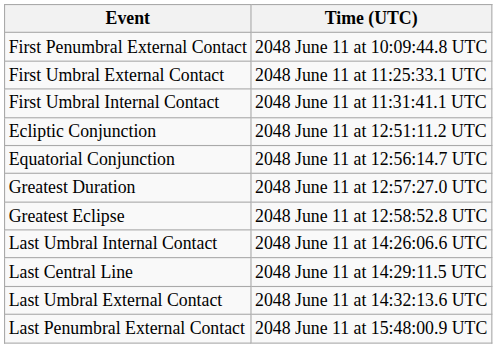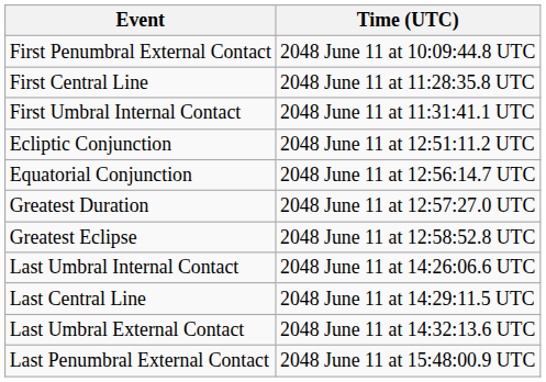 <table class="wikitable">
 <tr>
 <th>Event</th>
 <th>Time (UTC)</th>
 </tr>
 <tr>
 <td>First Penumbral External Contact</td>
 <td>2048 June 11 at 10:09:44.8 UTC</td>
 </tr>
 <tr>
-<td>First Umbral External Contact</td>
-<td>2048 June 11 at 11:25:33.1 UTC</td>
+<td>First Central Line</td>
+<td>2048 June 11 at 11:28:35.8 UTC</td>
 </tr>
 <tr>
 <td>First Umbral Internal Contact</td>
 <td>2048 June 11 at 11:31:41.1 UTC</td>
 </tr>
 <tr>
 <td>Ecliptic Conjunction</td>
 <td>2048 June 11 at 12:51:11.2 UTC</td>
 </tr>
 <tr>
 <td>Equatorial Conjunction</td>
 <td>2048 June 11 at 12:56:14.7 UTC</td>
 </tr>
 <tr>
 <td>Greatest Duration</td>
 <td>2048 June 11 at 12:57:27.0 UTC</td>
 </tr>
 <tr>
 <td>Greatest Eclipse</td>
 <td>2048 June 11 at 12:58:52.8 UTC</td>
 </tr>
 <tr>
 <td>Last Umbral Internal Contact</td>
 <td>2048 June 11 at 14:26:06.6 UTC</td>
 </tr>
 <tr>
 <td>Last Central Line</td>
 <td>2048 June 11 at 14:29:11.5 UTC</td>
 </tr>
 <tr>
 <td>Last Umbral External Contact</td>
 <td>2048 June 11 at 14:32:13.6 UTC</td>
 </tr>
 <tr>
 <td>Last Penumbral External Contact</td>
 <td>2048 June 11 at 15:48:00.9 UTC</td>
 </tr>
 </table>
